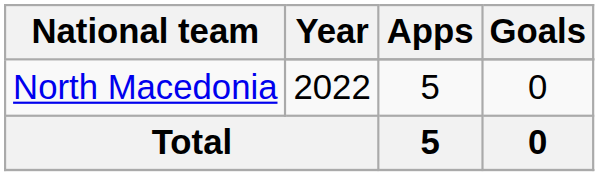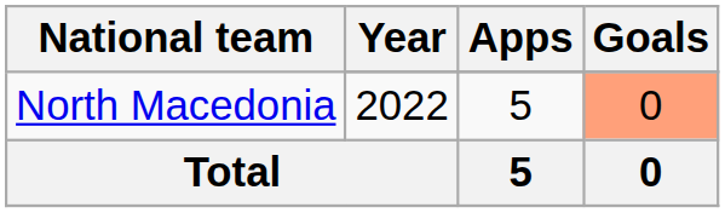 <table class="wikitable" style="text-align:center">
 <tr>
 <th>National team</th>
 <th>Year</th>
 <th>Apps</th>
 <th>Goals</th>
 </tr>
 <tr>
 <td rowspan=2><a href='#'>North Macedonia</a></td>
 </tr>
 <tr>
 <td>2022</td>
 <td>5</td>
-<td>0</td>
+<td style="background: lightsalmon;">0</td>
 </tr>
 <tr>
 <th colspan=2>Total</th>
 <th>5</th>
 <th>0</th>
 </tr>
 <tr>
 </tr>
 </table>
